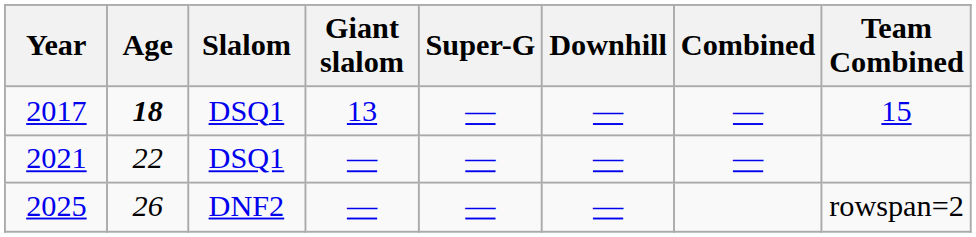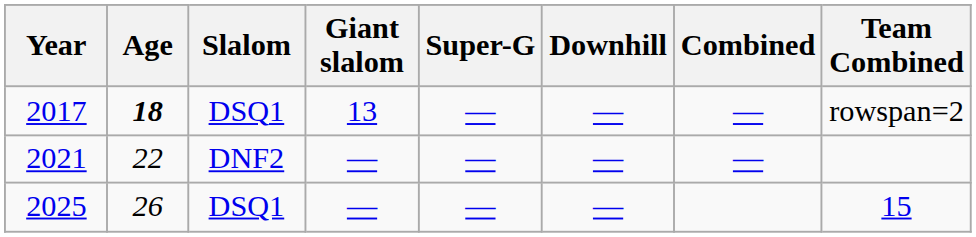 <table class=wikitable style="text-align:center">
 <tr>
 <th>  Year  </th>
 <th> Age </th>
 <th> Slalom </th>
 <th> Giant <br> slalom </th>
 <th>Super-G</th>
 <th>Downhill</th>
 <th>Combined</th>
 <th>Team<br>Combined</th>
 </tr>
 <tr>
 <td><a href='#'>2017</a></td>
 <td><strong><em>18</em></strong></td>
 <td><a href='#'>DSQ1</a></td>
 <td><a href='#'>13</a></td>
 <td><a href='#'>—</a></td>
 <td><a href='#'>—</a></td>
 <td><a href='#'>—</a></td>
-<td><a href='#'>15</a></td>
+<td>rowspan=2</td>
 </tr>
 <tr>
 <td><a href='#'>2021</a></td>
 <td><em>22</em></td>
-<td><a href='#'>DSQ1</a></td>
+<td><a href='#'>DNF2</a></td>
 <td><a href='#'>—</a></td>
 <td><a href='#'>—</a></td>
 <td><a href='#'>—</a></td>
 <td><a href='#'>—</a></td>
 </tr>
 <tr>
 <td><a href='#'>2025</a></td>
 <td><em>26</em></td>
-<td><a href='#'>DNF2</a></td>
+<td><a href='#'>DSQ1</a></td>
 <td><a href='#'>—</a></td>
 <td><a href='#'>—</a></td>
 <td><a href='#'>—</a></td>
 <td></td>
-<td>rowspan=2</td>
+<td><a href='#'>15</a></td>
 </tr>
 </table>
